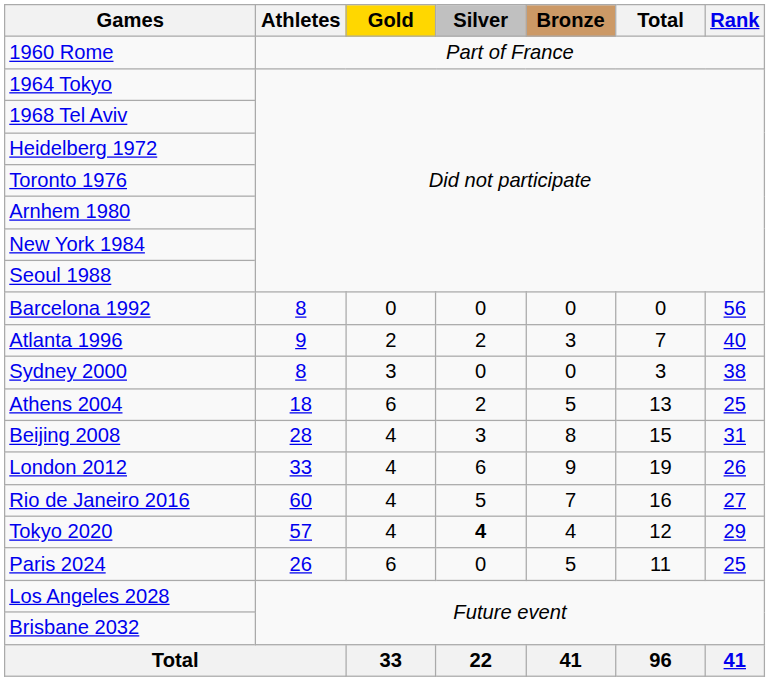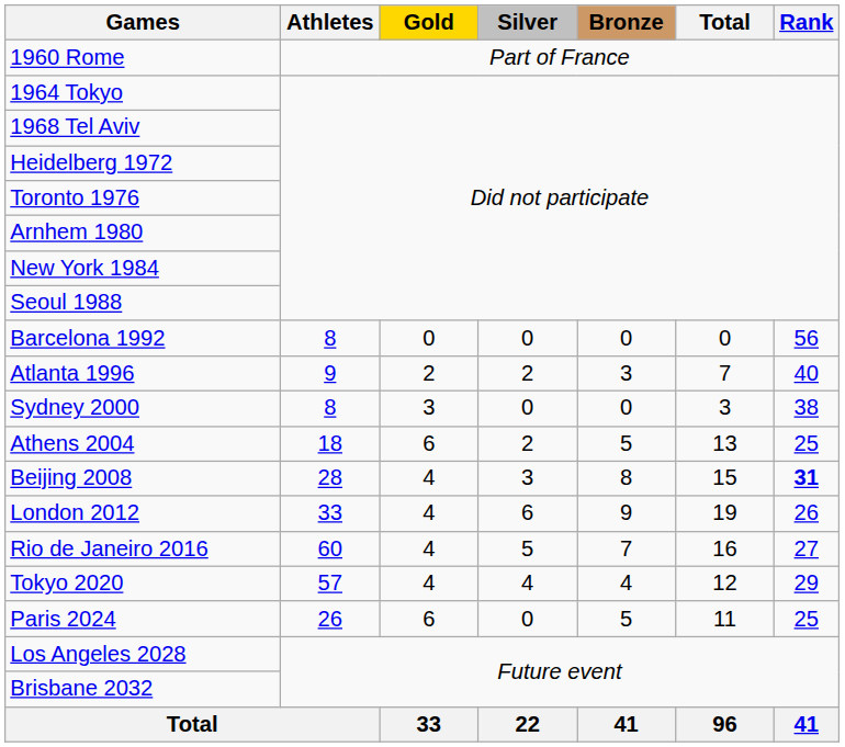 <table class="wikitable" style="text-align:center; font-size:100%;">
 <tr>
 <th style="width:12em;">Games</th>
 <th style="width:4em;">Athletes</th>
 <th style="width:4em; background:gold;">Gold</th>
 <th style="width:4em; background:silver;">Silver</th>
 <th style="width:4em; background:#cc9966;">Bronze</th>
 <th style="width:4em;">Total</th>
 <th style="width:2em;"><a href='#'>Rank</a></th>
 </tr>
 <tr>
 <td align=left> <a href='#'>1960 Rome</a></td>
 <td colspan=6><em>Part of France</em></td>
 </tr>
 <tr>
 <td align=left> <a href='#'>1964 Tokyo</a></td>
 <td colspan=6 rowspan=7><em>Did not participate</em></td>
 </tr>
 <tr>
 <td align=left> <a href='#'>1968 Tel Aviv</a></td>
 </tr>
 <tr>
 <td align=left> <a href='#'>Heidelberg 1972</a></td>
 </tr>
 <tr>
 <td align=left> <a href='#'>Toronto 1976</a></td>
 </tr>
 <tr>
 <td align=left> <a href='#'>Arnhem 1980</a></td>
 </tr>
 <tr>
 <td align=left> <a href='#'>New York 1984</a></td>
 </tr>
 <tr>
 <td align=left> <a href='#'>Seoul 1988</a></td>
 </tr>
 <tr>
 <td align=left> <a href='#'>Barcelona 1992</a></td>
 <td><a href='#'>8</a></td>
 <td>0</td>
 <td>0</td>
 <td>0</td>
 <td>0</td>
 <td><a href='#'>56</a></td>
 </tr>
 <tr>
 <td align=left> <a href='#'>Atlanta 1996</a></td>
 <td><a href='#'>9</a></td>
 <td>2</td>
 <td>2</td>
 <td>3</td>
 <td>7</td>
 <td><a href='#'>40</a></td>
 </tr>
 <tr>
 <td align=left> <a href='#'>Sydney 2000</a></td>
 <td><a href='#'>8</a></td>
 <td>3</td>
 <td>0</td>
 <td>0</td>
 <td>3</td>
 <td><a href='#'>38</a></td>
 </tr>
 <tr>
 <td align=left> <a href='#'>Athens 2004</a></td>
 <td><a href='#'>18</a></td>
 <td>6</td>
 <td>2</td>
 <td>5</td>
 <td>13</td>
 <td><a href='#'>25</a></td>
 </tr>
 <tr>
 <td align=left> <a href='#'>Beijing 2008</a></td>
 <td><a href='#'>28</a></td>
 <td>4</td>
 <td>3</td>
 <td>8</td>
 <td>15</td>
-<td><a href='#'>31</a></td>
+<td><strong><a href='#'>31</a></strong></td>
 </tr>
 <tr>
 <td align=left> <a href='#'>London 2012</a></td>
 <td><a href='#'>33</a></td>
 <td>4</td>
 <td>6</td>
 <td>9</td>
 <td>19</td>
 <td><a href='#'>26</a></td>
 </tr>
 <tr>
 <td align=left> <a href='#'>Rio de Janeiro 2016</a></td>
 <td><a href='#'>60</a></td>
 <td>4</td>
 <td>5</td>
 <td>7</td>
 <td>16</td>
 <td><a href='#'>27</a></td>
 </tr>
 <tr>
 <td align=left> <a href='#'>Tokyo 2020</a></td>
 <td><a href='#'>57</a></td>
 <td>4</td>
-<td><strong>4</strong></td>
+<td>4</td>
 <td>4</td>
 <td>12</td>
 <td><a href='#'>29</a></td>
 </tr>
 <tr>
 <td align=left> <a href='#'>Paris 2024</a></td>
 <td><a href='#'>26</a></td>
 <td>6</td>
 <td>0</td>
 <td>5</td>
 <td>11</td>
 <td><a href='#'>25</a></td>
 </tr>
 <tr>
 <td align=left> <a href='#'>Los Angeles 2028</a></td>
 <td colspan=6 rowspan=2><em>Future event</em></td>
 </tr>
 <tr>
 <td align=left> <a href='#'>Brisbane 2032</a></td>
 </tr>
 <tr>
 <th colspan=2>Total</th>
 <th>33</th>
 <th>22</th>
 <th>41</th>
 <th>96</th>
 <th><a href='#'>41</a></th>
 </tr>
 </table>
